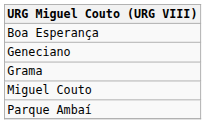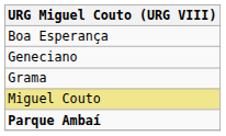 <table class="wikitable" style="margin-bottom: 10px;" border="1">
 <tr>
 <th>URG Miguel Couto (URG VIII)</th>
 </tr>
 <tr>
 <td>Boa Esperança</td>
 </tr>
 <tr>
 <td>Geneciano</td>
 </tr>
 <tr>
 <td>Grama</td>
 </tr>
 <tr>
-<td>Miguel Couto</td>
+<td style="background: khaki;">Miguel Couto</td>
 </tr>
 <tr>
-<td>Parque Ambaí</td>
+<td><strong>Parque Ambaí</strong></td>
 </tr>
 <tr>
 </tr>
 </table>
